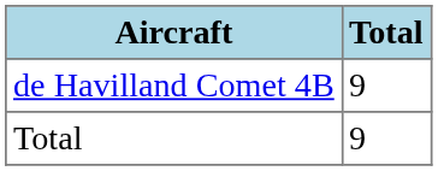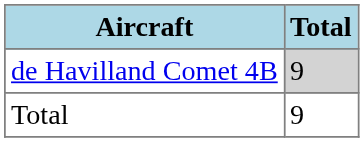 <table class="toccolours" border="1" cellpadding="3" style="border-collapse:collapse">
 <tr bgcolor=lightblue>
 <th>Aircraft</th>
 <th>Total</th>
 </tr>
 <tr>
 <td><a href='#'>de Havilland Comet 4B</a></td>
-<td>9</td>
+<td style="background: lightgrey;">9</td>
 </tr>
 <tr>
 <td>Total</td>
 <td>9</td>
 </tr>
 </table>
